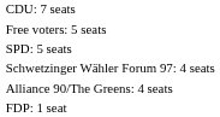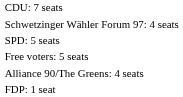 <table cellpadding="2" style="width:300px; text-align:right; white-space:nowrap;">
 <tr>
 <td style="text-align:left;">CDU: 7 seats</td>
 </tr>
 <tr>
-<td style="text-align:left;">Free voters: 5 seats</td>
+<td style="text-align:left;">Schwetzinger Wähler Forum 97: 4 seats</td>
 </tr>
 <tr>
 <td style="text-align:left;">SPD: 5 seats</td>
 </tr>
 <tr>
-<td style="text-align:left;">Schwetzinger Wähler Forum 97: 4 seats</td>
+<td style="text-align:left;">Free voters: 5 seats</td>
 </tr>
 <tr>
 <td style="text-align:left;">Alliance 90/The Greens: 4 seats</td>
 </tr>
 <tr>
 <td style="text-align:left;">FDP: 1 seat</td>
 </tr>
 </table>
